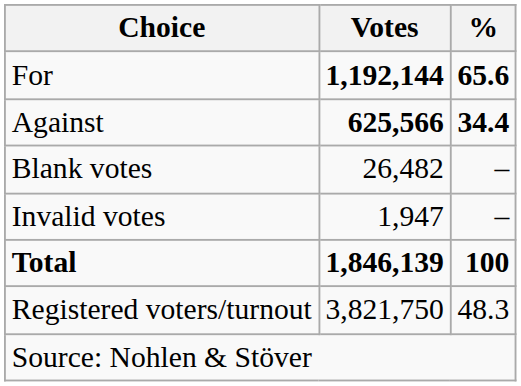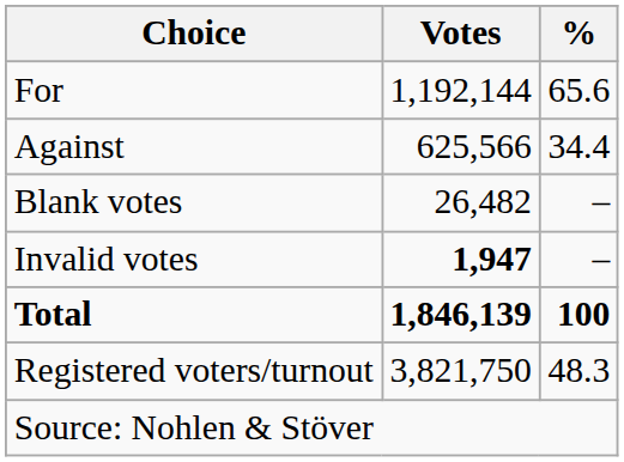 <table class=wikitable style=text-align:right>
 <tr>
 <th>Choice</th>
 <th>Votes</th>
 <th>%</th>
 </tr>
 <tr>
 <td align=left>For</td>
-<td><strong>1,192,144</strong></td>
-<td><strong>65.6</strong></td>
+<td>1,192,144</td>
+<td>65.6</td>
 </tr>
 <tr>
 <td align=left>Against</td>
-<td><strong>625,566</strong></td>
-<td><strong>34.4</strong></td>
+<td>625,566</td>
+<td>34.4</td>
 </tr>
 <tr>
 <td align=left>Blank votes</td>
 <td>26,482</td>
 <td>–</td>
 </tr>
 <tr>
 <td align=left>Invalid votes</td>
-<td>1,947</td>
+<td><strong>1,947</strong></td>
 <td>–</td>
 </tr>
 <tr>
 <td align=left><strong>Total</strong></td>
 <td><strong>1,846,139</strong></td>
 <td><strong>100</strong></td>
 </tr>
 <tr>
 <td align=left>Registered voters/turnout</td>
 <td>3,821,750</td>
 <td>48.3</td>
 </tr>
 <tr>
 <td align=left colspan=11>Source: Nohlen & Stöver</td>
 </tr>
 </table>
